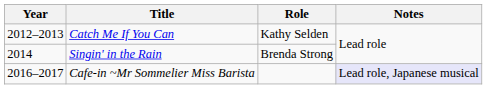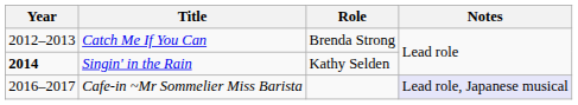 <table class="wikitable">
 <tr>
 <th>Year</th>
 <th>Title</th>
 <th>Role</th>
 <th>Notes</th>
 </tr>
 <tr>
 <td>2012–2013</td>
 <td><em><a href='#'>Catch Me If You Can</a></em></td>
-<td>Kathy Selden</td>
+<td>Brenda Strong</td>
 <td rowspan=2>Lead role</td>
 </tr>
 <tr>
-<td>2014</td>
+<td><strong>2014</strong></td>
 <td><em><a href='#'>Singin' in the Rain</a></em></td>
-<td>Brenda Strong</td>
+<td>Kathy Selden</td>
 </tr>
 <tr>
 <td>2016–2017</td>
 <td><em>Cafe-in ~Mr Sommelier Miss Barista</em></td>
 <td></td>
 <td style="background: lavender;">Lead role, Japanese musical</td>
 </tr>
 </table>
